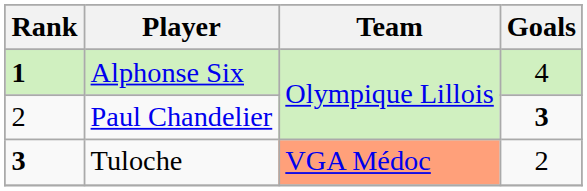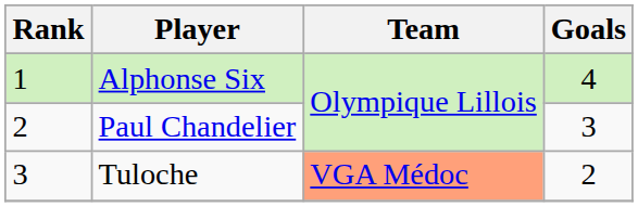 <table class="wikitable">
 <tr>
 <th>Rank</th>
 <th>Player</th>
 <th>Team</th>
 <th>Goals</th>
 </tr>
 <tr bgcolor="D0F0C0">
-<td><strong>1</strong></td>
+<td>1</td>
 <td><a href='#'>Alphonse Six</a></td>
 <td rowspan=2><a href='#'>Olympique Lillois</a></td>
 <td align="center">4</td>
 </tr>
 <tr>
 <td>2</td>
 <td><a href='#'>Paul Chandelier</a></td>
-<td align="center"><strong>3</strong></td>
+<td align="center">3</td>
 </tr>
 <tr>
-<td><strong>3</strong></td>
+<td>3</td>
 <td>Tuloche</td>
 <td style="background: lightsalmon;"><a href='#'>VGA Médoc</a></td>
 <td align="center">2</td>
 </tr>
 <tr>
 </tr>
 </table>
